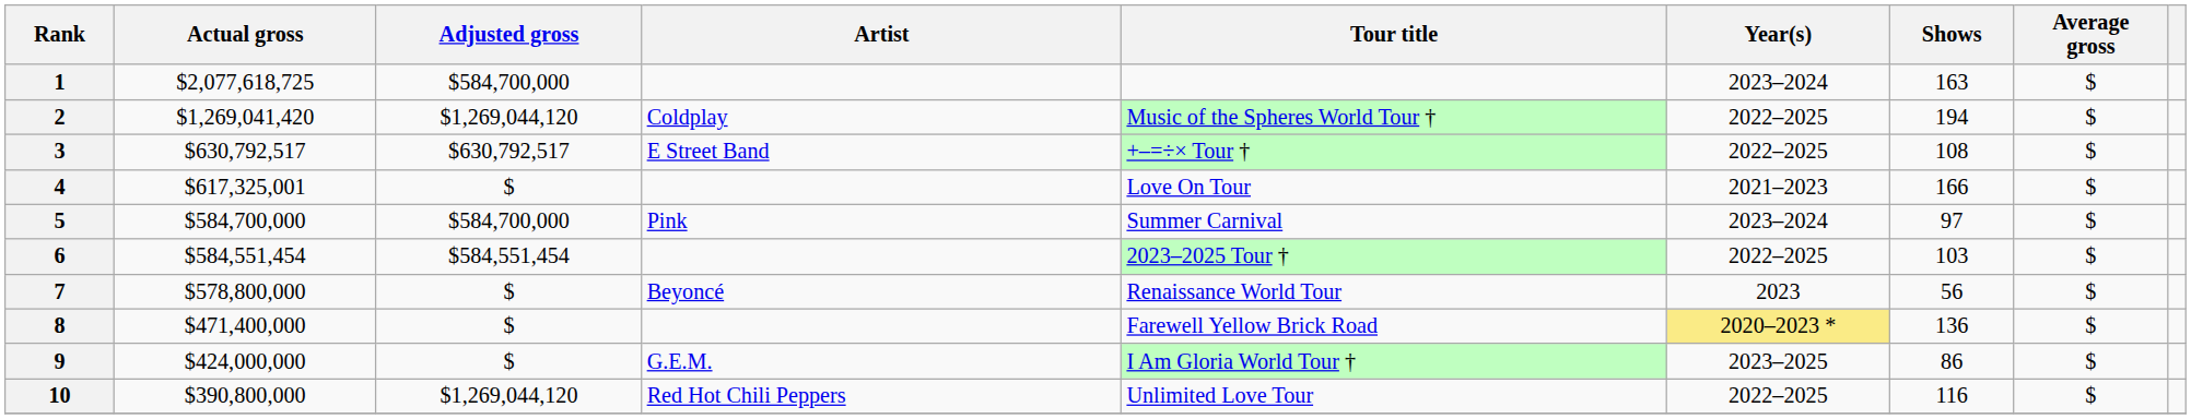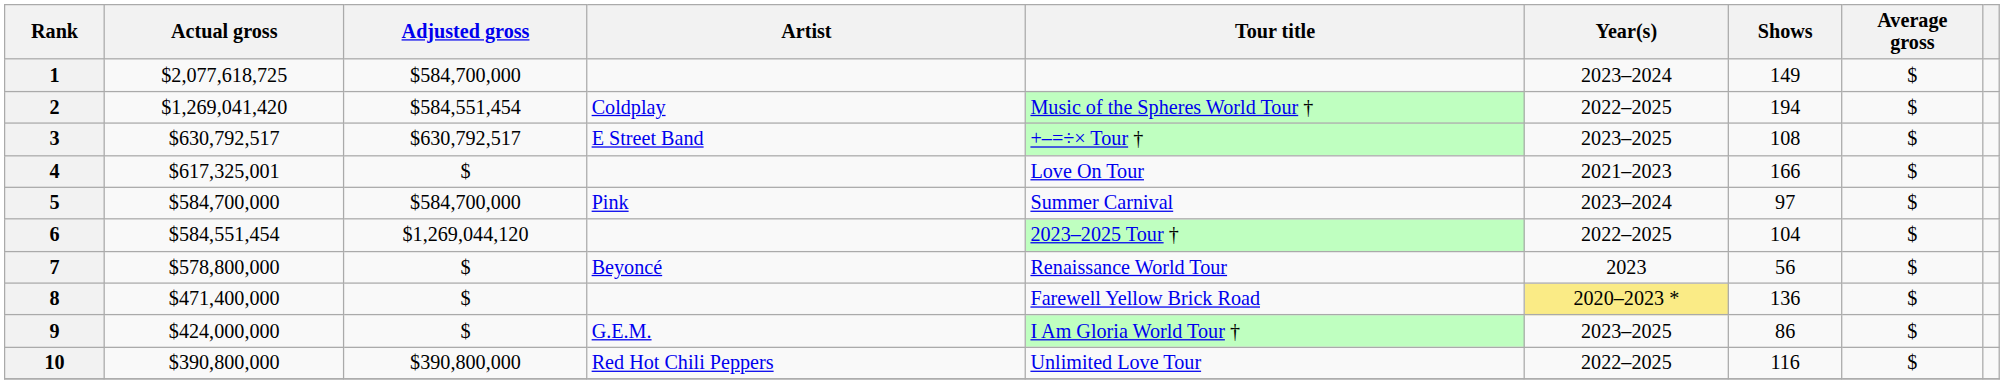 <table class="wikitable sortable plainrowheaders" style="text-align:center;" width=100%>
 <tr>
 <th class="unsortable">Rank</th>
 <th>Actual gross</th>
 <th><a href='#'>Adjusted gross</a> <br></th>
 <th width=22%>Artist</th>
 <th width=25%>Tour title</th>
 <th>Year(s)</th>
 <th>Shows</th>
 <th>Average<br>gross</th>
 <th class="unsortable"></th>
 </tr>
 <tr>
 <th>1</th>
 <td>$2,077,618,725</td>
 <td>$584,700,000</td>
 <td style="text-align:left"></td>
 <td style="text-align:left"></td>
 <td>2023–2024</td>
-<td>163</td>
+<td>149</td>
 <td>$</td>
 <td style="text-align:center"></td>
 </tr>
 <tr>
 <th>2</th>
 <td>$1,269,041,420</td>
-<td>$1,269,044,120</td>
+<td>$584,551,454</td>
 <td style="text-align:left"><a href='#'>Coldplay</a></td>
 <td style="text-align:left; background:#BFFFC0;"><a href='#'>Music of the Spheres World Tour</a> †</td>
 <td>2022–2025</td>
 <td>194</td>
 <td>$</td>
 <td style="text-align:center"></td>
 </tr>
 <tr>
 <th>3</th>
 <td>$630,792,517</td>
 <td>$630,792,517</td>
 <td style="text-align:left"><a href='#'>E Street Band</a></td>
 <td style="text-align:left; background:#BFFFC0;"><a href='#'>+–=÷× Tour</a> †</td>
-<td>2022–2025</td>
+<td>2023–2025</td>
 <td>108</td>
 <td>$</td>
 <td></td>
 </tr>
 <tr>
 <th>4</th>
 <td>$617,325,001</td>
 <td>$</td>
 <td style="text-align:left"></td>
 <td style="text-align:left"><a href='#'>Love On Tour</a></td>
 <td>2021–2023</td>
 <td>166</td>
 <td>$</td>
 <td style="text-align:center"></td>
 </tr>
 <tr>
 <th>5</th>
 <td>$584,700,000</td>
 <td>$584,700,000</td>
 <td style="text-align:left"><a href='#'>Pink</a></td>
 <td style="text-align:left;"><a href='#'>Summer Carnival</a></td>
 <td>2023–2024</td>
 <td>97</td>
 <td>$</td>
 <td style="text-align:center"></td>
 </tr>
 <tr>
 <th>6</th>
 <td>$584,551,454</td>
-<td>$584,551,454</td>
+<td>$1,269,044,120</td>
 <td style="text-align:left"></td>
 <td style="text-align:left; background:#BFFFC0;"><a href='#'>2023–2025 Tour</a> †</td>
 <td>2022–2025</td>
-<td>103</td>
+<td>104</td>
 <td>$</td>
 <td style="text-align:center"></td>
 </tr>
 <tr>
 <th>7</th>
 <td>$578,800,000</td>
 <td>$</td>
 <td style="text-align:left"><a href='#'>Beyoncé</a></td>
 <td style="text-align:left"><a href='#'>Renaissance World Tour</a></td>
 <td>2023</td>
 <td>56</td>
 <td>$</td>
 <td style="text-align:center"></td>
 </tr>
 <tr>
 <th>8</th>
 <td>$471,400,000</td>
 <td>$</td>
 <td style="text-align:left"></td>
 <td style="text-align:left"><a href='#'>Farewell Yellow Brick Road</a></td>
 <td style="background:#FAEB86;">2020–2023 *</td>
 <td>136</td>
 <td>$</td>
 <td style="text-align:center"></td>
 </tr>
 <tr>
 <th>9</th>
 <td>$424,000,000</td>
 <td>$</td>
 <td style="text-align:left;"><a href='#'>G.E.M.</a></td>
 <td style="text-align:left; background:#BFFFC0;"><a href='#'>I Am Gloria World Tour</a> †</td>
 <td>2023–2025</td>
 <td>86</td>
 <td>$</td>
 <td style="text-align:center"></td>
 </tr>
 <tr>
 <th>10</th>
 <td>$390,800,000</td>
-<td>$1,269,044,120</td>
+<td>$390,800,000</td>
 <td style="text-align:left"><a href='#'>Red Hot Chili Peppers</a></td>
 <td style="text-align:left;"><a href='#'>Unlimited Love Tour</a></td>
 <td>2022–2025</td>
 <td>116</td>
 <td>$</td>
 <td style="text-align:center"></td>
 </tr>
 <tr>
 </tr>
 </table>
